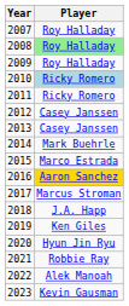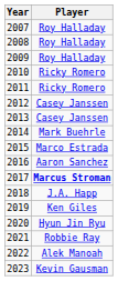 <table class="wikitable" style="text-align:center">
 <tr>
 <th>Year</th>
 <th>Player</th>
 </tr>
 <tr>
 <td>2007</td>
 <td><a href='#'>Roy Halladay</a></td>
 </tr>
 <tr>
 <td>2008</td>
-<td style="background: lightgreen;"><a href='#'>Roy Halladay</a></td>
+<td><a href='#'>Roy Halladay</a></td>
 </tr>
 <tr>
 <td>2009</td>
 <td><a href='#'>Roy Halladay</a></td>
 </tr>
 <tr>
 <td>2010</td>
-<td style="background: lightblue;"><a href='#'>Ricky Romero</a></td>
+<td><a href='#'>Ricky Romero</a></td>
 </tr>
 <tr>
 <td>2011</td>
 <td><a href='#'>Ricky Romero</a></td>
 </tr>
 <tr>
 <td>2012</td>
 <td><a href='#'>Casey Janssen</a></td>
 </tr>
 <tr>
 <td>2013</td>
 <td><a href='#'>Casey Janssen</a></td>
 </tr>
 <tr>
 <td>2014</td>
 <td><a href='#'>Mark Buehrle</a></td>
 </tr>
 <tr>
 <td>2015</td>
 <td><a href='#'>Marco Estrada</a></td>
 </tr>
 <tr>
 <td>2016</td>
-<td style="background: gold;"><a href='#'>Aaron Sanchez</a></td>
+<td><a href='#'>Aaron Sanchez</a></td>
 </tr>
 <tr>
 <td>2017</td>
-<td><a href='#'>Marcus Stroman</a></td>
+<td><strong><a href='#'>Marcus Stroman</a></strong></td>
 </tr>
 <tr>
 <td>2018</td>
 <td><a href='#'>J.A. Happ</a></td>
 </tr>
 <tr>
 <td>2019</td>
 <td><a href='#'>Ken Giles</a></td>
 </tr>
 <tr>
 <td>2020</td>
 <td><a href='#'>Hyun Jin Ryu</a></td>
 </tr>
 <tr>
 <td>2021</td>
 <td><a href='#'>Robbie Ray</a></td>
 </tr>
 <tr>
 <td>2022</td>
 <td><a href='#'>Alek Manoah</a></td>
 </tr>
 <tr>
 <td>2023</td>
 <td><a href='#'>Kevin Gausman</a></td>
 </tr>
 </table>
